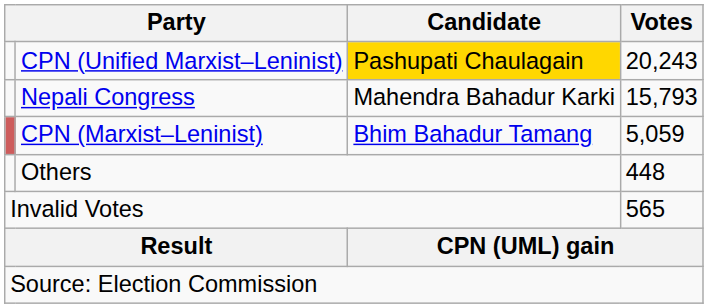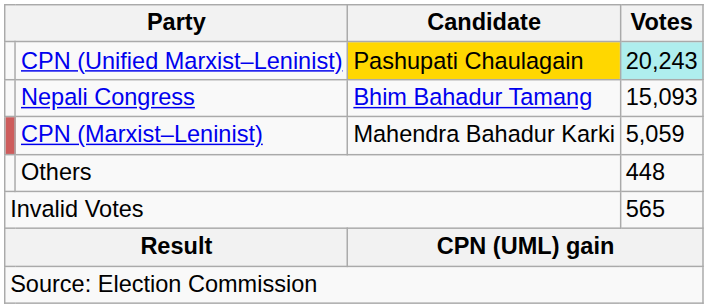 <table class="wikitable">
 <tr>
 <th colspan="2">Party</th>
 <th>Candidate</th>
 <th>Votes</th>
 </tr>
 <tr>
 <td style="background-color:"></td>
 <td><a href='#'>CPN (Unified Marxist–Leninist)</a></td>
 <td style="background: gold;">Pashupati Chaulagain</td>
-<td>20,243</td>
+<td style="background: paleturquoise;">20,243</td>
 </tr>
 <tr>
 <td style="background-color:"></td>
 <td><a href='#'>Nepali Congress</a></td>
-<td>Mahendra Bahadur Karki</td>
-<td>15,793</td>
+<td><a href='#'>Bhim Bahadur Tamang</a></td>
+<td>15,093</td>
 </tr>
 <tr>
 <td style="background-color:indianred"></td>
 <td><a href='#'>CPN (Marxist–Leninist)</a></td>
-<td><a href='#'>Bhim Bahadur Tamang</a></td>
+<td>Mahendra Bahadur Karki</td>
 <td>5,059</td>
 </tr>
 <tr>
 <td></td>
 <td colspan="2">Others</td>
 <td>448</td>
 </tr>
 <tr>
 <td colspan="3">Invalid Votes</td>
 <td>565</td>
 </tr>
 <tr>
 <th colspan="2">Result</th>
 <th colspan="2">CPN (UML) gain</th>
 </tr>
 <tr>
 <td colspan="4">Source: Election Commission</td>
 </tr>
 </table>
